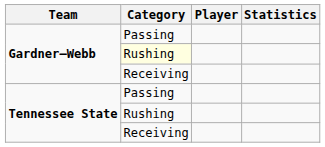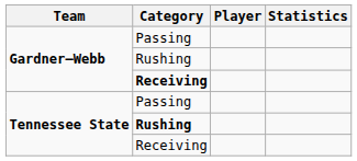 <table class="wikitable" style="float: right;">
 <tr>
 <th>Team</th>
 <th>Category</th>
 <th>Player</th>
 <th>Statistics</th>
 </tr>
 <tr>
 <td rowspan=3><strong>Gardner–Webb</strong></td>
 <td>Passing</td>
 <td></td>
 <td></td>
 </tr>
 <tr>
-<td style="background: lightyellow;">Rushing</td>
+<td>Rushing</td>
 <td></td>
 <td></td>
 </tr>
 <tr>
-<td>Receiving</td>
+<td><strong>Receiving</strong></td>
 <td></td>
 <td></td>
 </tr>
 <tr>
 <td rowspan=3><strong>Tennessee State</strong></td>
 <td>Passing</td>
 <td></td>
 <td></td>
 </tr>
 <tr>
-<td>Rushing</td>
+<td><strong>Rushing</strong></td>
 <td></td>
 <td></td>
 </tr>
 <tr>
 <td>Receiving</td>
 <td></td>
 <td></td>
 </tr>
 </table>
